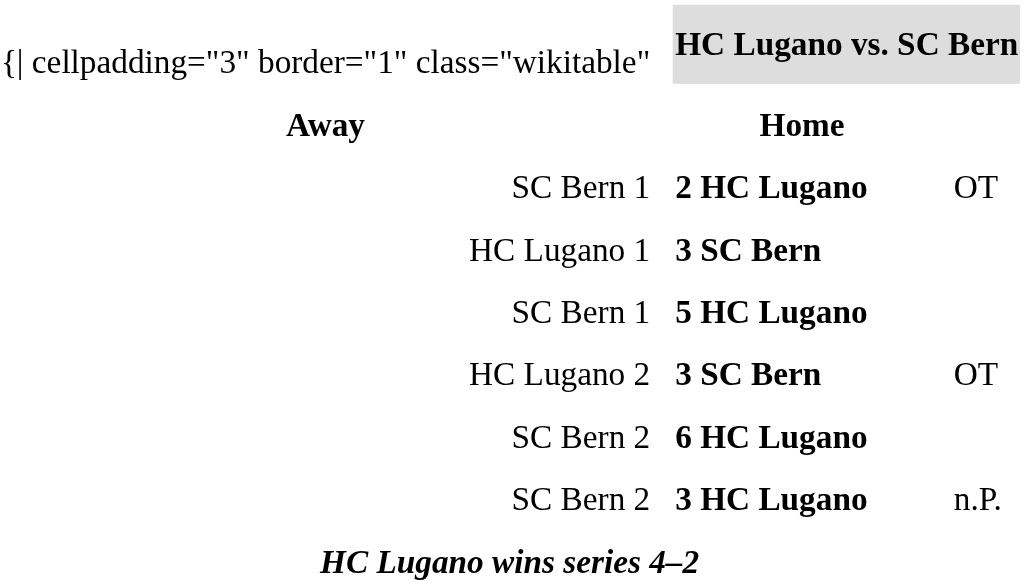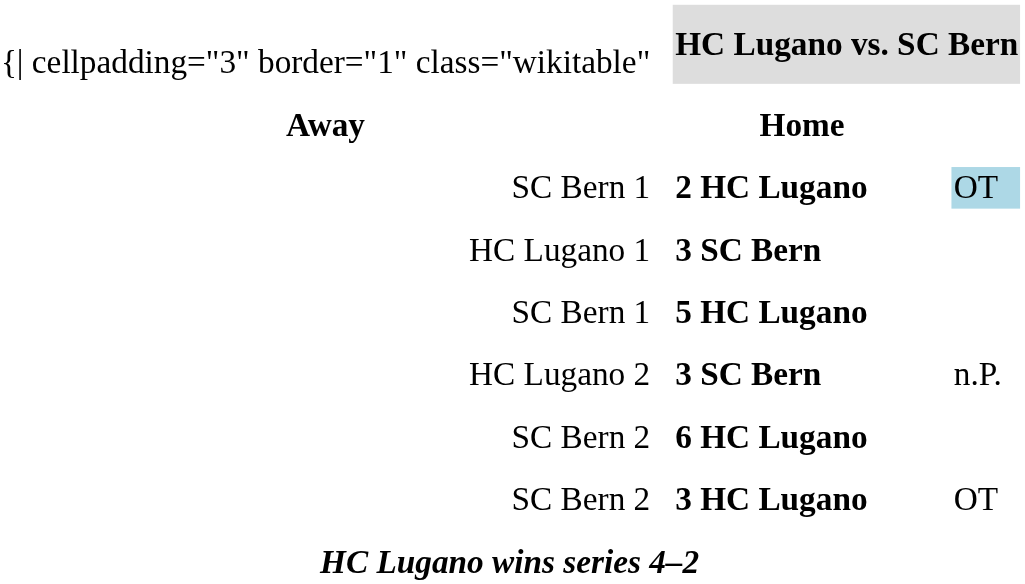 <table cellspacing="10">
 <tr>
 <td valign="top"><br>	{| cellpadding="3" border="1"  class="wikitable"</td>
 <th bgcolor="#DDDDDD" colspan="4">HC Lugano vs. SC Bern</th>
 </tr>
 <tr>
 <th>Away</th>
 <th>Home</th>
 <th></th>
 </tr>
 <tr>
 <td align = "right">SC Bern 1</td>
 <td><strong>2 HC Lugano</strong></td>
-<td>OT</td>
+<td style="background: lightblue;">OT</td>
 </tr>
 <tr>
 <td align = "right">HC Lugano 1</td>
 <td><strong>3 SC Bern</strong></td>
 <td> </td>
 </tr>
 <tr>
 <td align = "right">SC Bern 1</td>
 <td><strong>5 HC Lugano</strong></td>
 <td> </td>
 </tr>
 <tr>
 <td align = "right">HC Lugano 2</td>
 <td><strong>3 SC Bern</strong></td>
-<td>OT</td>
+<td>n.P.</td>
 </tr>
 <tr>
 <td align = "right">SC Bern 2</td>
 <td><strong>6 HC Lugano</strong></td>
 <td> </td>
 </tr>
 <tr>
 <td align = "right">SC Bern 2</td>
 <td><strong>3 HC Lugano</strong></td>
-<td>n.P.</td>
+<td>OT</td>
 </tr>
 <tr align="center">
 <td colspan="4"><strong><em>HC Lugano wins series 4–2</em></strong></td>
 </tr>
 </table>
